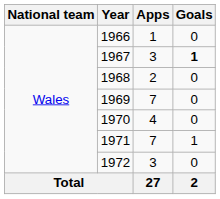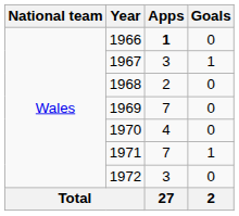 <table class=wikitable style="text-align: center">
 <tr>
 <th>National team</th>
 <th>Year</th>
 <th>Apps</th>
 <th>Goals</th>
 </tr>
 <tr>
 <td rowspan=7><a href='#'>Wales</a></td>
 <td>1966</td>
-<td>1</td>
+<td><strong>1</strong></td>
 <td>0</td>
 </tr>
 <tr>
 <td>1967</td>
 <td>3</td>
-<td><strong>1</strong></td>
+<td>1</td>
 </tr>
 <tr>
 <td>1968</td>
 <td>2</td>
 <td>0</td>
 </tr>
 <tr>
 <td>1969</td>
 <td>7</td>
 <td>0</td>
 </tr>
 <tr>
 <td>1970</td>
 <td>4</td>
 <td>0</td>
 </tr>
 <tr>
 <td>1971</td>
 <td>7</td>
 <td>1</td>
 </tr>
 <tr>
 <td>1972</td>
 <td>3</td>
 <td>0</td>
 </tr>
 <tr>
 <th colspan=2>Total</th>
 <th>27</th>
 <th>2</th>
 </tr>
 </table>
